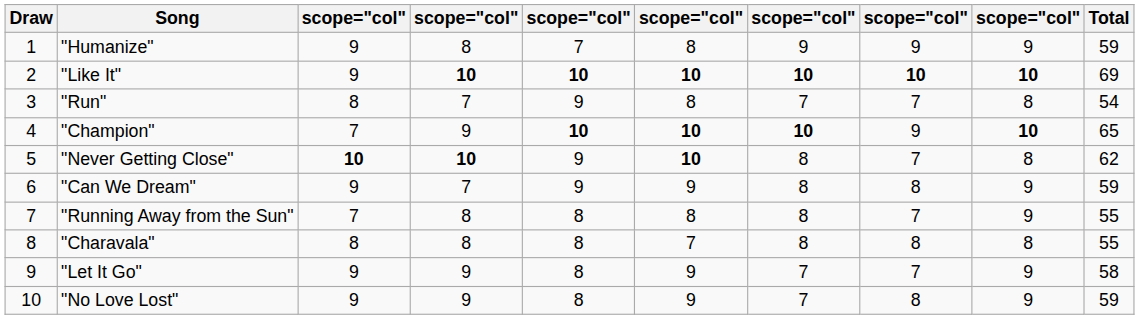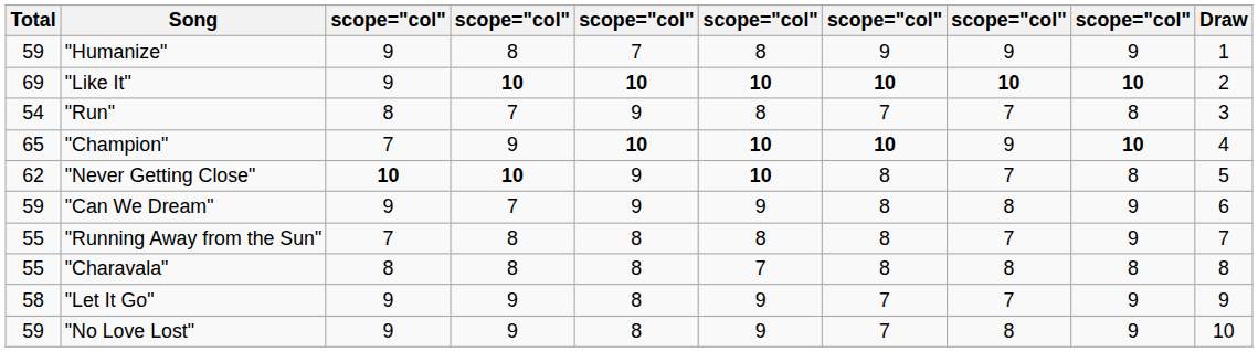 <table class="wikitable collapsible" style="margin: 1em auto 1em auto; text-align:center;">
 <tr>
-<th>Draw</th>
+<th>Total</th>
 <th>Song</th>
 <th>scope="col" </th>
 <th>scope="col" </th>
 <th>scope="col" </th>
 <th>scope="col" </th>
 <th>scope="col" </th>
 <th>scope="col" </th>
 <th>scope="col" </th>
-<th>Total</th>
+<th>Draw</th>
 </tr>
 <tr>
-<td>1</td>
+<td>59</td>
 <td align="left">"Humanize"</td>
 <td>9</td>
 <td>8</td>
 <td>7</td>
 <td>8</td>
 <td>9</td>
 <td>9</td>
 <td>9</td>
-<td>59</td>
+<td>1</td>
 </tr>
 <tr>
-<td>2</td>
+<td>69</td>
 <td align="left">"Like It"</td>
 <td>9</td>
 <td><strong>10</strong></td>
 <td><strong>10</strong></td>
 <td><strong>10</strong></td>
 <td><strong>10</strong></td>
 <td><strong>10</strong></td>
 <td><strong>10</strong></td>
-<td>69</td>
+<td>2</td>
 </tr>
 <tr>
-<td>3</td>
+<td>54</td>
 <td align="left">"Run"</td>
 <td>8</td>
 <td>7</td>
 <td>9</td>
 <td>8</td>
 <td>7</td>
 <td>7</td>
 <td>8</td>
-<td>54</td>
+<td>3</td>
 </tr>
 <tr>
-<td>4</td>
+<td>65</td>
 <td align="left">"Champion"</td>
 <td>7</td>
 <td>9</td>
 <td><strong>10</strong></td>
 <td><strong>10</strong></td>
 <td><strong>10</strong></td>
 <td>9</td>
 <td><strong>10</strong></td>
-<td>65</td>
+<td>4</td>
 </tr>
 <tr>
-<td>5</td>
+<td>62</td>
 <td align="left">"Never Getting Close"</td>
 <td><strong>10</strong></td>
 <td><strong>10</strong></td>
 <td>9</td>
 <td><strong>10</strong></td>
 <td>8</td>
 <td>7</td>
 <td>8</td>
-<td>62</td>
+<td>5</td>
 </tr>
 <tr>
-<td>6</td>
+<td>59</td>
 <td align="left">"Can We Dream"</td>
 <td>9</td>
 <td>7</td>
 <td>9</td>
 <td>9</td>
 <td>8</td>
 <td>8</td>
 <td>9</td>
-<td>59</td>
+<td>6</td>
 </tr>
 <tr>
-<td>7</td>
+<td>55</td>
 <td align="left">"Running Away from the Sun"</td>
 <td>7</td>
 <td>8</td>
 <td>8</td>
 <td>8</td>
 <td>8</td>
 <td>7</td>
 <td>9</td>
-<td>55</td>
+<td>7</td>
 </tr>
 <tr>
-<td>8</td>
+<td>55</td>
 <td align="left">"Charavala"</td>
 <td>8</td>
 <td>8</td>
 <td>8</td>
 <td>7</td>
 <td>8</td>
 <td>8</td>
 <td>8</td>
-<td>55</td>
+<td>8</td>
 </tr>
 <tr>
-<td>9</td>
+<td>58</td>
 <td align="left">"Let It Go"</td>
 <td>9</td>
 <td>9</td>
 <td>8</td>
 <td>9</td>
 <td>7</td>
 <td>7</td>
 <td>9</td>
-<td>58</td>
+<td>9</td>
 </tr>
 <tr>
-<td>10</td>
+<td>59</td>
 <td align="left">"No Love Lost"</td>
 <td>9</td>
 <td>9</td>
 <td>8</td>
 <td>9</td>
 <td>7</td>
 <td>8</td>
 <td>9</td>
-<td>59</td>
+<td>10</td>
 </tr>
 </table>
